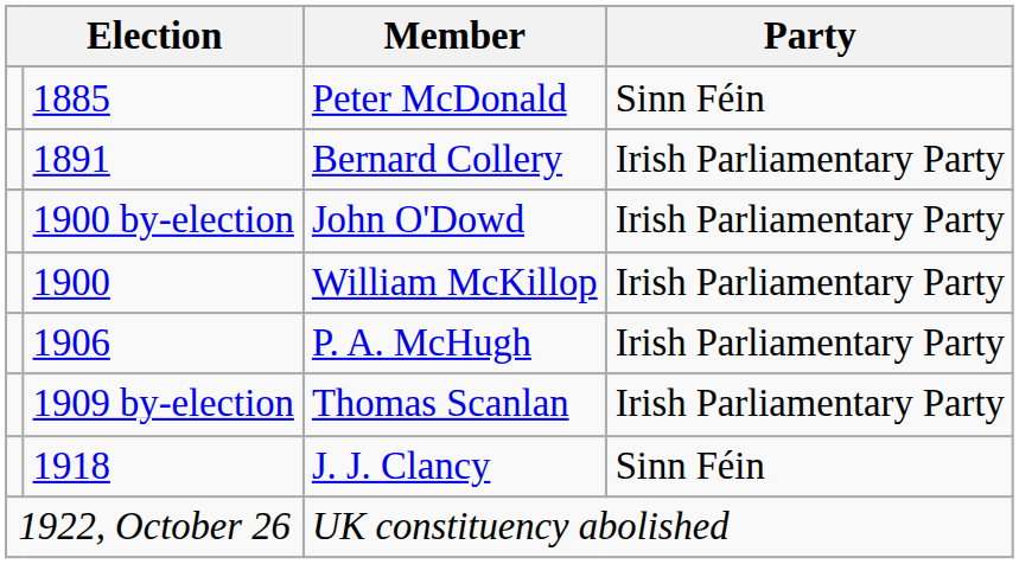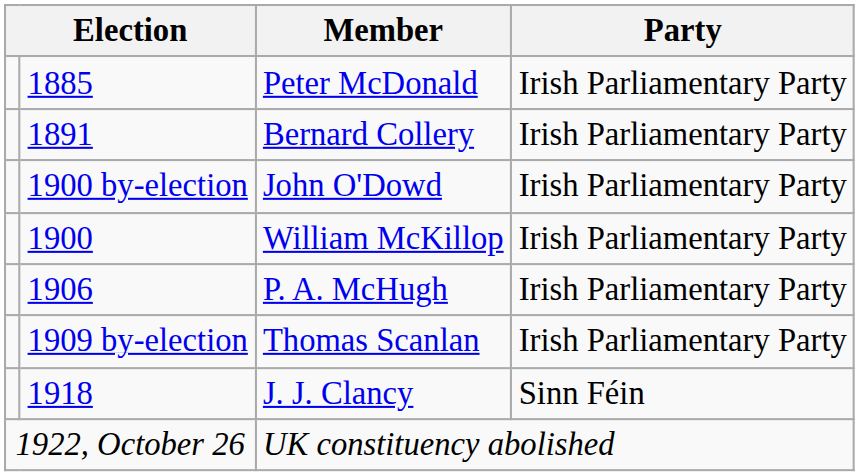 <table class="wikitable">
 <tr>
 <th colspan="2">Election</th>
 <th>Member</th>
 <th>Party</th>
 </tr>
 <tr>
 <td style="color:inherit;background-color: "></td>
 <td><a href='#'>1885</a></td>
 <td><a href='#'>Peter McDonald</a></td>
-<td>Sinn Féin</td>
+<td>Irish Parliamentary Party</td>
 </tr>
 <tr>
 <td style="color:inherit;background-color: "></td>
 <td><a href='#'>1891</a></td>
 <td><a href='#'>Bernard Collery</a></td>
 <td>Irish Parliamentary Party</td>
 </tr>
 <tr>
 <td style="color:inherit;background-color: "></td>
 <td><a href='#'>1900 by-election</a></td>
 <td><a href='#'>John O'Dowd</a></td>
 <td>Irish Parliamentary Party</td>
 </tr>
 <tr>
 <td style="color:inherit;background-color: "></td>
 <td><a href='#'>1900</a></td>
 <td><a href='#'>William McKillop</a></td>
 <td>Irish Parliamentary Party</td>
 </tr>
 <tr>
 <td style="color:inherit;background-color: "></td>
 <td><a href='#'>1906</a></td>
 <td><a href='#'>P. A. McHugh</a></td>
 <td>Irish Parliamentary Party</td>
 </tr>
 <tr>
 <td style="color:inherit;background-color: "></td>
 <td><a href='#'>1909 by-election</a></td>
 <td><a href='#'>Thomas Scanlan</a></td>
 <td>Irish Parliamentary Party</td>
 </tr>
 <tr>
 <td style="color:inherit;background-color: "></td>
 <td><a href='#'>1918</a></td>
 <td><a href='#'>J. J. Clancy</a></td>
 <td>Sinn Féin</td>
 </tr>
 <tr>
 <td colspan="2" align="center"><em>1922, October 26</em></td>
 <td colspan="3"><em>UK constituency abolished</em></td>
 </tr>
 </table>
